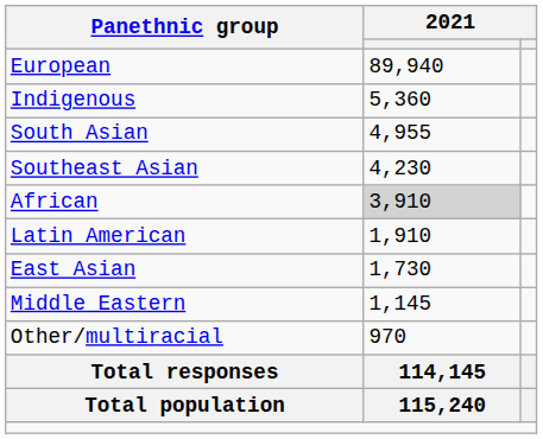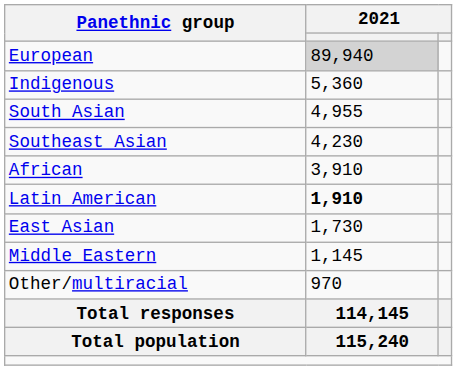 <table class="wikitable collapsible sortable">
 <tr>
 <th rowspan="2"><a href='#'>Panethnic</a> group</th>
 <th colspan="2">2021</th>
 </tr>
 <tr>
 <th><a href='#'></a></th>
 <th></th>
 </tr>
 <tr>
 <td><a href='#'>European</a></td>
-<td>89,940</td>
+<td style="background: lightgrey;">89,940</td>
 <td></td>
 </tr>
 <tr>
 <td><a href='#'>Indigenous</a></td>
 <td>5,360</td>
 <td></td>
 </tr>
 <tr>
 <td><a href='#'>South Asian</a></td>
 <td>4,955</td>
 <td></td>
 </tr>
 <tr>
 <td><a href='#'>Southeast Asian</a></td>
 <td>4,230</td>
 <td></td>
 </tr>
 <tr>
 <td><a href='#'>African</a></td>
-<td style="background: lightgrey;">3,910</td>
+<td>3,910</td>
 <td></td>
 </tr>
 <tr>
 <td><a href='#'>Latin American</a></td>
-<td>1,910</td>
+<td><strong>1,910</strong></td>
 <td></td>
 </tr>
 <tr>
 <td><a href='#'>East Asian</a></td>
 <td>1,730</td>
 <td></td>
 </tr>
 <tr>
 <td><a href='#'>Middle Eastern</a></td>
 <td>1,145</td>
 <td></td>
 </tr>
 <tr>
 <td>Other/<a href='#'>multiracial</a></td>
 <td>970</td>
 <td></td>
 </tr>
 <tr>
 <th>Total responses</th>
 <th>114,145</th>
 <th></th>
 </tr>
 <tr class="sortbottom">
 <th>Total population</th>
 <th>115,240</th>
 <th></th>
 </tr>
 <tr class="sortbottom">
 <td colspan="15" style="width: 25em;"></td>
 </tr>
 </table>
